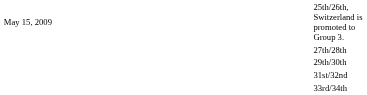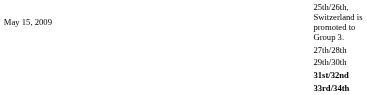 <table style="font-size:90%">
 <tr>
 <td width=100>May 15, 2009</td>
 <td width=150 align=right><strong></strong></td>
 <td width=100 align=center></td>
 <td width=150></td>
 <td>25th/26th, Switzerland is promoted to Group 3.</td>
 </tr>
 <tr>
 <td></td>
 <td align=right><strong></strong></td>
 <td align=center></td>
 <td></td>
 <td>27th/28th</td>
 </tr>
 <tr>
 <td></td>
 <td align=right></td>
 <td align=center></td>
 <td><strong></strong></td>
 <td>29th/30th</td>
 </tr>
 <tr>
 <td></td>
 <td align=right></td>
 <td align=center></td>
 <td><strong></strong></td>
-<td>31st/32nd</td>
+<td><strong>31st/32nd</strong></td>
 </tr>
 <tr>
 <td></td>
 <td align=right><strong></strong></td>
 <td align=center></td>
 <td></td>
-<td>33rd/34th</td>
+<td><strong>33rd/34th</strong></td>
 </tr>
 </table>
